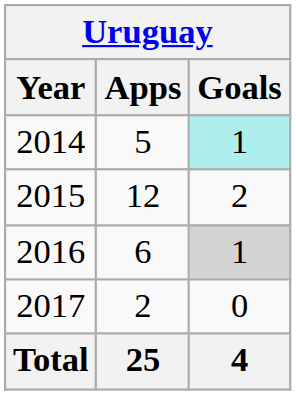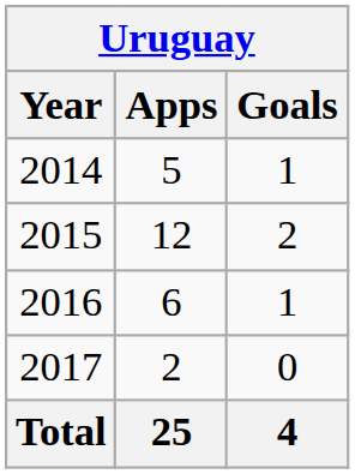 <table class="wikitable" style="text-align:center">
 <tr>
 <th colspan=5><a href='#'>Uruguay</a></th>
 </tr>
 <tr>
 <th>Year</th>
 <th>Apps</th>
 <th>Goals</th>
 </tr>
 <tr>
 <td>2014</td>
 <td>5</td>
-<td style="background: paleturquoise;">1</td>
+<td>1</td>
 </tr>
 <tr>
 <td>2015</td>
 <td>12</td>
 <td>2</td>
 </tr>
 <tr>
 <td>2016</td>
 <td>6</td>
-<td style="background: lightgrey;">1</td>
+<td>1</td>
 </tr>
 <tr>
 <td>2017</td>
 <td>2</td>
 <td>0</td>
 </tr>
 <tr>
 <th>Total</th>
 <th>25</th>
 <th>4</th>
 </tr>
 </table>
